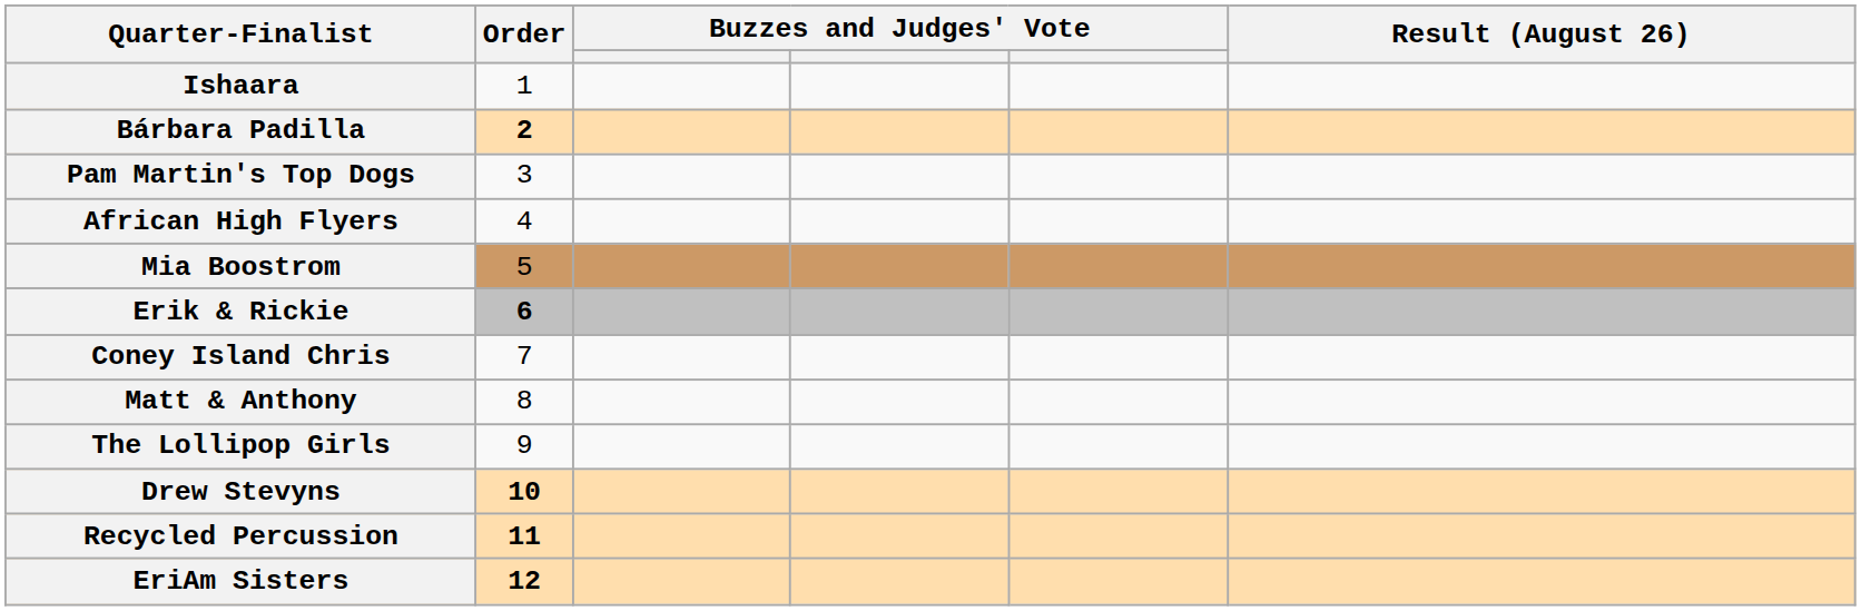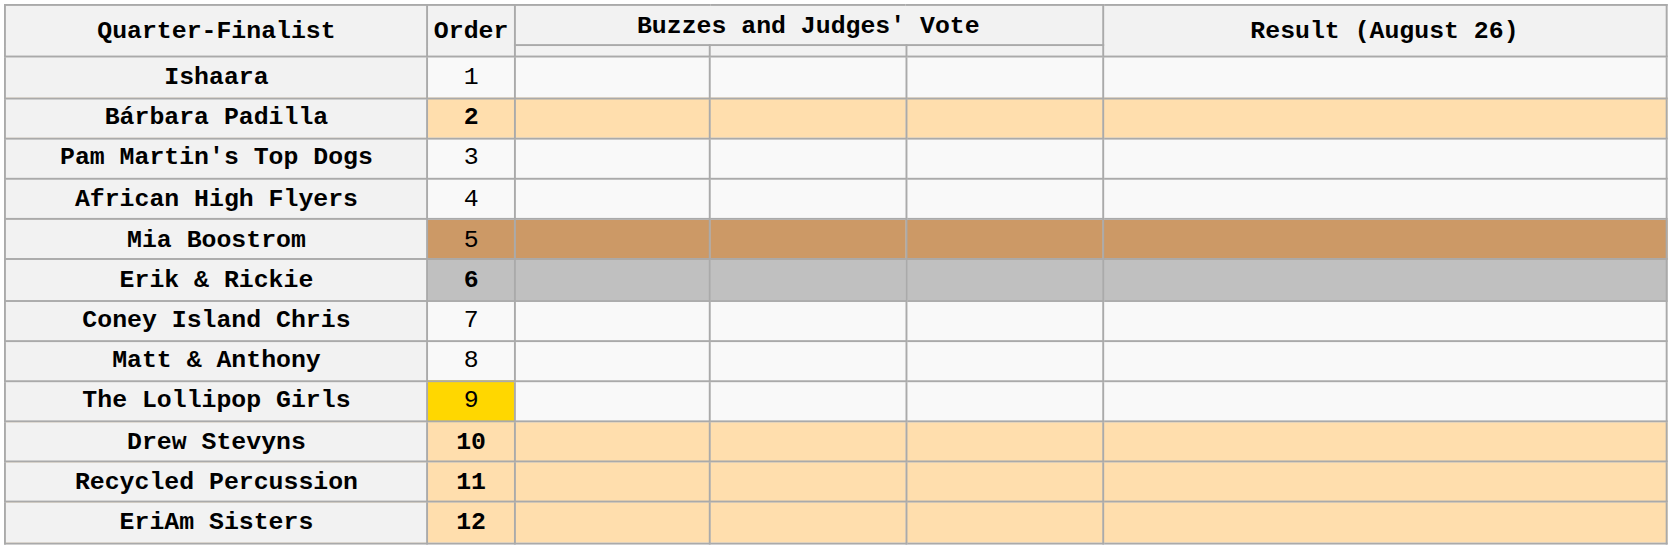 <table class="wikitable plainrowheaders sortable" style="text-align:center;">
 <tr>
 <th scope="col" rowspan="2" class="unsortable" style="width:17em;">Quarter-Finalist</th>
 <th scope="col" rowspan="2" style="width:1em;">Order</th>
 <th scope="col" colspan="3" class="unsortable" style="width:24em;">Buzzes and Judges' Vote</th>
 <th scope="col" rowspan="2" style="width:23em;">Result (August 26)</th>
 </tr>
 <tr>
 <th scope="col" class="unsortable" style="width:6em;"></th>
 <th scope="col" class="unsortable" style="width:6em;"></th>
 <th scope="col" class="unsortable" style="width:6em;"></th>
 </tr>
 <tr>
 <th scope="row">Ishaara</th>
 <td>1</td>
 <td style="text-align:center;"></td>
 <td style="text-align:center;"></td>
 <td style="text-align:center;"></td>
 <td></td>
 </tr>
 <tr style="background:NavajoWhite;">
 <th scope="row"><strong>Bárbara Padilla</strong></th>
 <td><strong>2</strong></td>
 <td style="text-align:center;"></td>
 <td style="text-align:center;"></td>
 <td style="text-align:center;"></td>
 <td><strong></strong></td>
 </tr>
 <tr>
 <th scope="row">Pam Martin's Top Dogs</th>
 <td>3</td>
 <td style="text-align:center;"></td>
 <td style="text-align:center;"></td>
 <td style="text-align:center;"></td>
 <td></td>
 </tr>
 <tr>
 <th scope="row">African High Flyers</th>
 <td>4</td>
 <td style="text-align:center;"></td>
 <td style="text-align:center;"></td>
 <td style="text-align:center;"></td>
 <td></td>
 </tr>
 <tr style="background:#c96;">
 <th scope="row">Mia Boostrom</th>
 <td>5</td>
 <td style="text-align:center;"></td>
 <td style="text-align:center;"></td>
 <td style="text-align:center;"></td>
 <td></td>
 </tr>
 <tr style="background:silver;">
 <th scope="row"><strong>Erik & Rickie</strong></th>
 <td><strong>6</strong></td>
 <td style="text-align:center;"></td>
 <td style="text-align:center;"></td>
 <td style="text-align:center;"></td>
 <td><strong></strong></td>
 </tr>
 <tr>
 <th scope="row">Coney Island Chris</th>
 <td>7</td>
 <td style="text-align:center;"></td>
 <td style="text-align:center;"></td>
 <td style="text-align:center;"></td>
 <td></td>
 </tr>
 <tr>
 <th scope="row">Matt & Anthony</th>
 <td>8</td>
 <td style="text-align:center;"></td>
 <td style="text-align:center;"></td>
 <td style="text-align:center;"></td>
 <td></td>
 </tr>
 <tr>
 <th scope="row">The Lollipop Girls</th>
-<td>9</td>
+<td style="background: gold;">9</td>
 <td style="text-align:center;"></td>
 <td style="text-align:center;"></td>
 <td style="text-align:center;"></td>
 <td></td>
 </tr>
 <tr style="background:NavajoWhite;">
 <th scope="row"><strong>Drew Stevyns</strong></th>
 <td><strong>10</strong></td>
 <td style="text-align:center;"></td>
 <td style="text-align:center;"></td>
 <td style="text-align:center;"></td>
 <td><strong></strong></td>
 </tr>
 <tr style="background:NavajoWhite;">
 <th scope="row"><strong>Recycled Percussion</strong></th>
 <td><strong>11</strong></td>
 <td style="text-align:center;"></td>
 <td style="text-align:center;"></td>
 <td style="text-align:center;"></td>
 <td><strong></strong></td>
 </tr>
 <tr style="background:NavajoWhite;">
 <th scope="row"><strong>EriAm Sisters</strong></th>
 <td><strong>12</strong></td>
 <td style="text-align:center;"></td>
 <td style="text-align:center;"></td>
 <td style="text-align:center;"></td>
 <td><strong></strong></td>
 </tr>
 </table>
